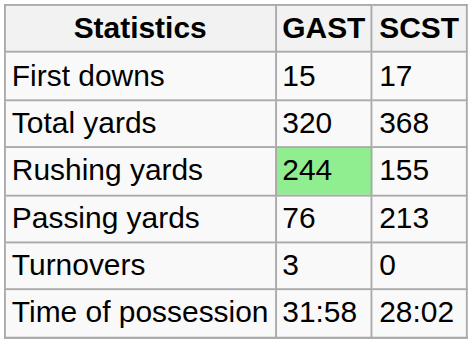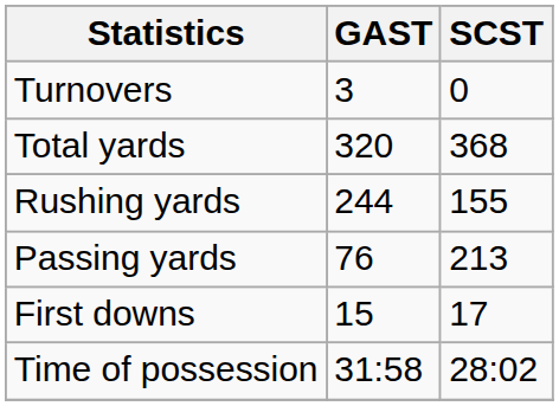 <table class="wikitable">
 <tr>
 <th>Statistics</th>
 <th>GAST</th>
 <th>SCST</th>
 </tr>
 <tr>
-<td>First downs</td>
-<td>15</td>
-<td>17</td>
+<td>Turnovers</td>
+<td>3</td>
+<td>0</td>
 </tr>
 <tr>
 <td>Total yards</td>
 <td>320</td>
 <td>368</td>
 </tr>
 <tr>
 <td>Rushing yards</td>
-<td style="background: lightgreen;">244</td>
+<td>244</td>
 <td>155</td>
 </tr>
 <tr>
 <td>Passing yards</td>
 <td>76</td>
 <td>213</td>
 </tr>
 <tr>
-<td>Turnovers</td>
-<td>3</td>
-<td>0</td>
+<td>First downs</td>
+<td>15</td>
+<td>17</td>
 </tr>
 <tr>
 <td>Time of possession</td>
 <td>31:58</td>
 <td>28:02</td>
 </tr>
 <tr>
 </tr>
 </table>
